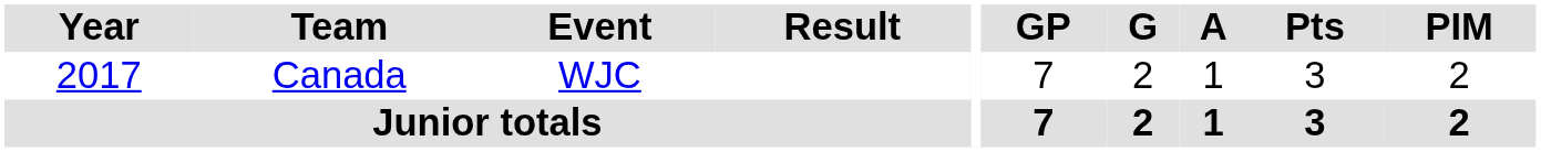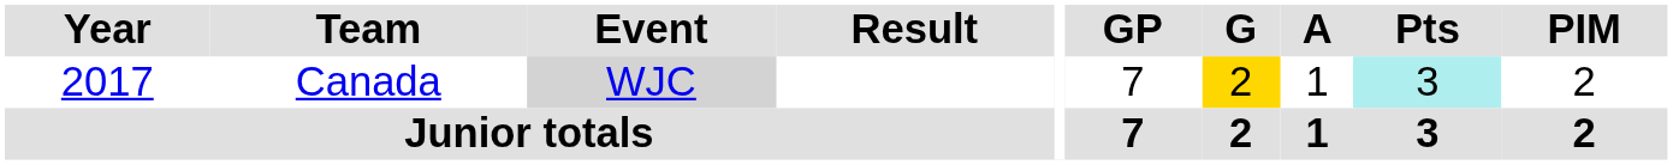 <table border="0" cellpadding="1" cellspacing="0" ID="Table3" style="text-align:center; width:40em;">
 <tr bgcolor="#e0e0e0">
 <th>Year</th>
 <th>Team</th>
 <th>Event</th>
 <th>Result</th>
 <th rowspan="99" bgcolor="#ffffff"></th>
 <th>GP</th>
 <th>G</th>
 <th>A</th>
 <th>Pts</th>
 <th>PIM</th>
 </tr>
 <tr>
 <td><a href='#'>2017</a></td>
 <td><a href='#'>Canada</a></td>
-<td><a href='#'>WJC</a></td>
+<td style="background: lightgrey;"><a href='#'>WJC</a></td>
 <td></td>
 <td>7</td>
-<td>2</td>
+<td style="background: gold;">2</td>
 <td>1</td>
-<td>3</td>
+<td style="background: paleturquoise;">3</td>
 <td>2</td>
 </tr>
 <tr bgcolor="#e0e0e0">
 <th colspan="4">Junior totals</th>
 <th>7</th>
 <th>2</th>
 <th>1</th>
 <th>3</th>
 <th>2</th>
 </tr>
 </table>
